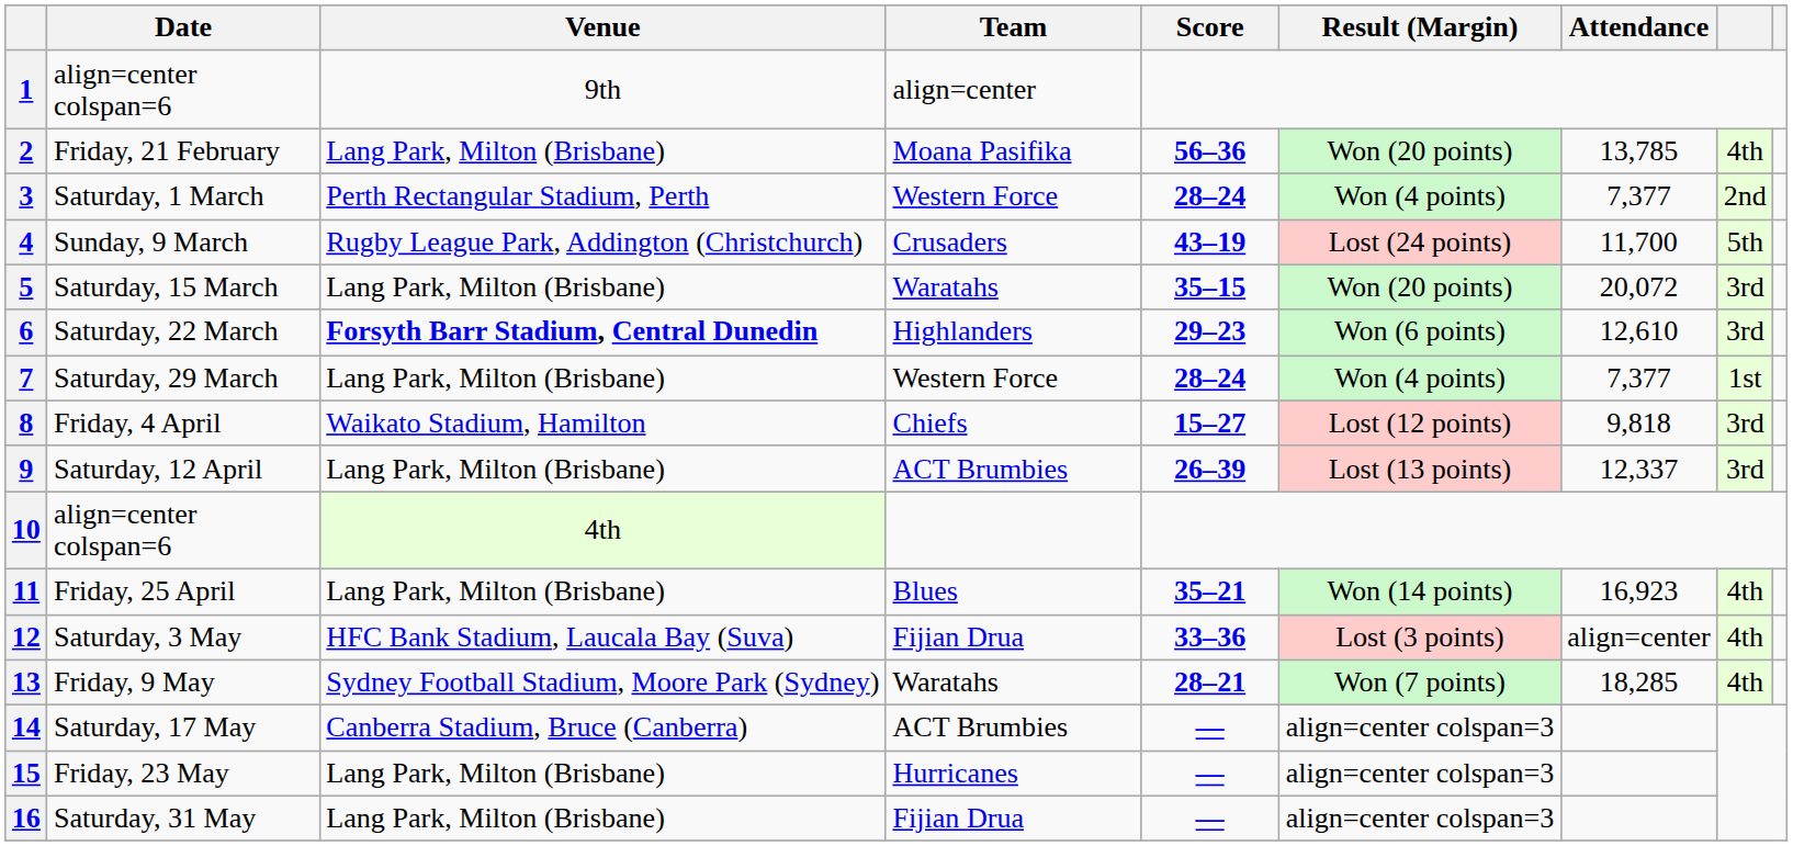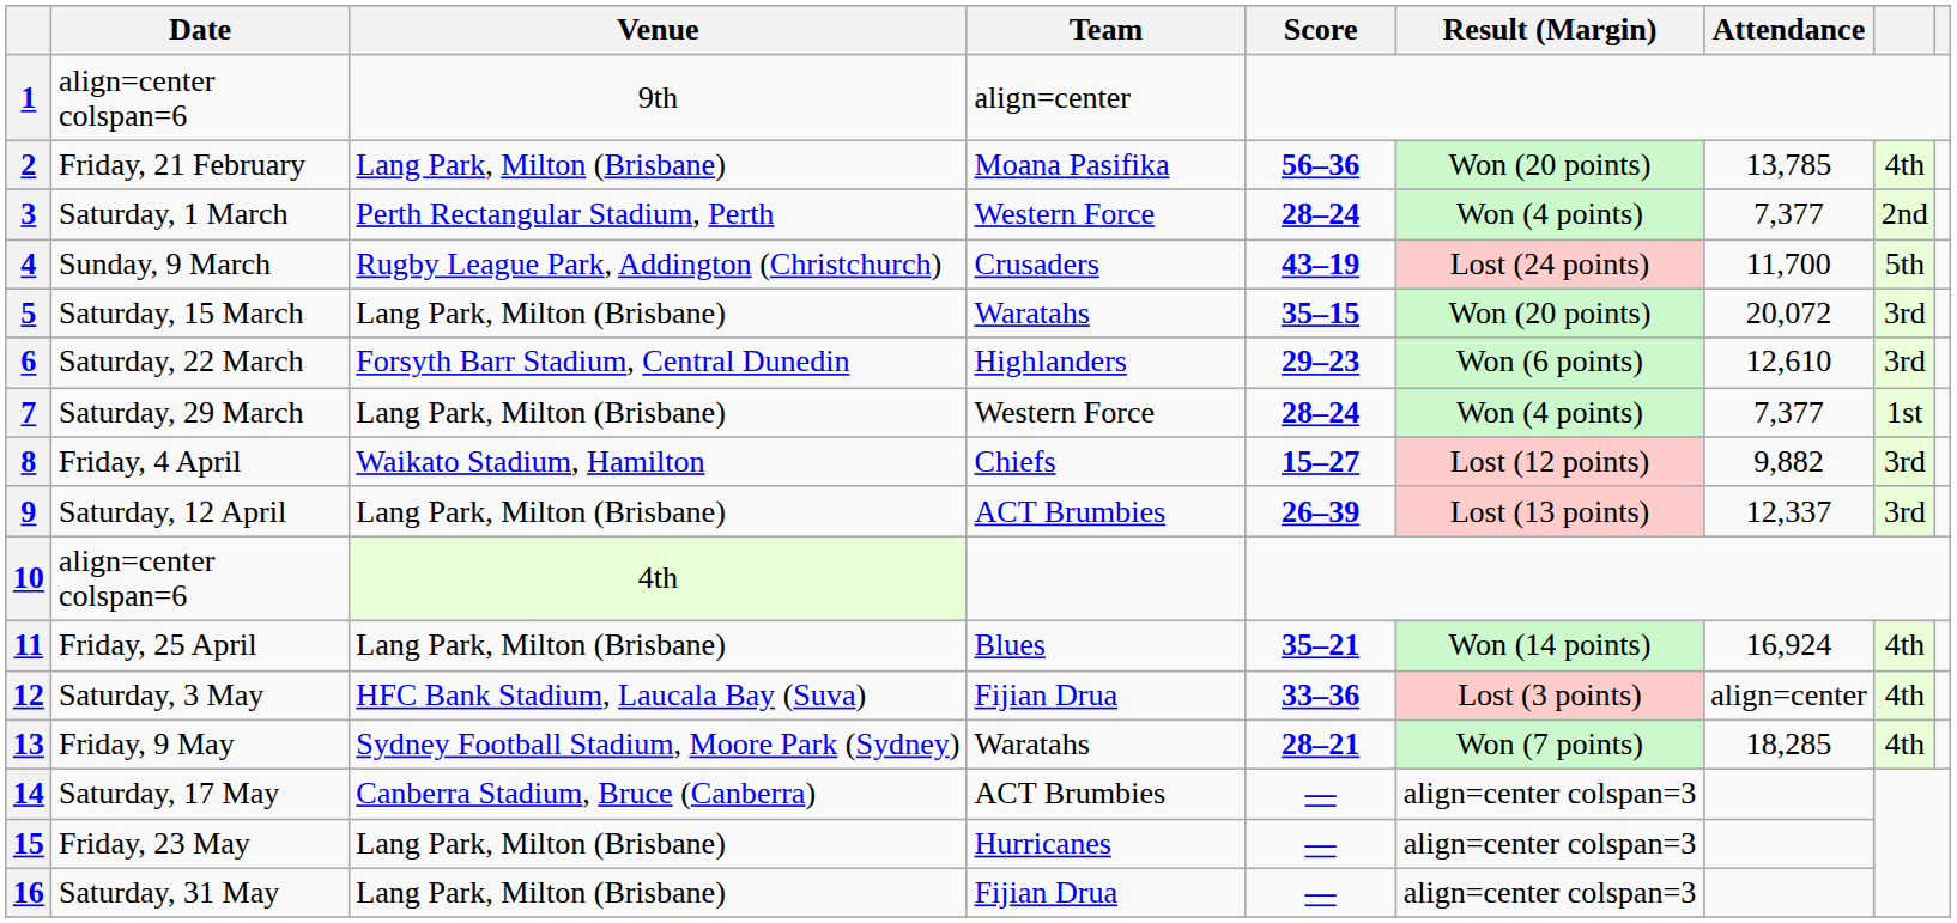 <table class="wikitable">
 <tr>
 <th></th>
 <th width=145>Date</th>
 <th>Venue</th>
 <th width=135>Team</th>
 <th width=70>Score</th>
 <th>Result (Margin)</th>
 <th>Attendance</th>
 <th></th>
 <th></th>
 </tr>
 <tr>
 <th align=center><a href='#'>1</a></th>
 <td>align=center colspan=6 </td>
 <td align=center>9th</td>
 <td>align=center </td>
 </tr>
 <tr>
 <th align=center><a href='#'>2</a></th>
 <td>Friday, 21 February</td>
 <td><a href='#'>Lang Park</a>, <a href='#'>Milton</a> (<a href='#'>Brisbane</a>)</td>
 <td> <a href='#'>Moana Pasifika</a></td>
 <td align=center><strong><a href='#'>56–36</a></strong></td>
 <td align=center bgcolor=#CCF9CC>Won (20 points)</td>
 <td align=center>13,785</td>
 <td align=center bgcolor=#E8FFD8>4th</td>
 <td align=center></td>
 </tr>
 <tr>
 <th align=center><a href='#'>3</a></th>
 <td>Saturday, 1 March</td>
 <td><a href='#'>Perth Rectangular Stadium</a>, <a href='#'>Perth</a></td>
 <td><a href='#'>Western Force</a></td>
 <td align=center><strong><a href='#'>28–24</a></strong></td>
 <td align=center bgcolor=#CCF9CC>Won (4 points)</td>
 <td align=center>7,377</td>
 <td align=center bgcolor=#E8FFD8>2nd</td>
 <td align=center></td>
 </tr>
 <tr>
 <th align=center><a href='#'>4</a></th>
 <td>Sunday, 9 March</td>
 <td><a href='#'>Rugby League Park</a>, <a href='#'>Addington</a> (<a href='#'>Christchurch</a>)</td>
 <td> <a href='#'>Crusaders</a></td>
 <td align=center><strong><a href='#'>43–19</a></strong></td>
 <td align=center bgcolor=#FFCCCC>Lost (24 points)</td>
 <td align=center>11,700</td>
 <td align=center bgcolor=#E8FFD8>5th</td>
 <td align=center></td>
 </tr>
 <tr>
 <th align=center><a href='#'>5</a></th>
 <td>Saturday, 15 March</td>
 <td>Lang Park, Milton (Brisbane)</td>
 <td><a href='#'>Waratahs</a></td>
 <td align=center><strong><a href='#'>35–15</a></strong></td>
 <td align=center bgcolor=#CCF9CC>Won (20 points)</td>
 <td align=center>20,072</td>
 <td align=center bgcolor=#E8FFD8>3rd</td>
 <td align=center></td>
 </tr>
 <tr>
 <th align=center><a href='#'>6</a></th>
 <td>Saturday, 22 March</td>
-<td><strong><a href='#'>Forsyth Barr Stadium</a>, <a href='#'>Central Dunedin</a></strong></td>
+<td><a href='#'>Forsyth Barr Stadium</a>, <a href='#'>Central Dunedin</a></td>
 <td> <a href='#'>Highlanders</a></td>
 <td align=center><strong><a href='#'>29–23</a></strong></td>
 <td align=center bgcolor=#CCF9CC>Won (6 points)</td>
 <td align=center>12,610</td>
 <td align=center bgcolor=#E8FFD8>3rd</td>
 <td align=center></td>
 </tr>
 <tr>
 <th align=center><a href='#'>7</a></th>
 <td>Saturday, 29 March</td>
 <td>Lang Park, Milton (Brisbane)</td>
 <td>Western Force</td>
 <td align=center><strong><a href='#'>28–24</a></strong></td>
 <td align=center bgcolor=#CCF9CC>Won (4 points)</td>
 <td align=center>7,377</td>
 <td align=center bgcolor=#E8FFD8>1st</td>
 <td align=center></td>
 </tr>
 <tr>
 <th align=center><a href='#'>8</a></th>
 <td>Friday, 4 April</td>
 <td><a href='#'>Waikato Stadium</a>, <a href='#'>Hamilton</a></td>
 <td> <a href='#'>Chiefs</a></td>
 <td align=center><strong><a href='#'>15–27</a></strong></td>
 <td align=center bgcolor=#FFCCCC>Lost (12 points)</td>
-<td align=center>9,818</td>
+<td align=center>9,882</td>
 <td align=center bgcolor=#E8FFD8>3rd</td>
 <td align=center></td>
 </tr>
 <tr>
 <th align=center><a href='#'>9</a></th>
 <td>Saturday, 12 April</td>
 <td>Lang Park, Milton (Brisbane)</td>
 <td><a href='#'>ACT Brumbies</a></td>
 <td align=center><strong><a href='#'>26–39</a></strong></td>
 <td align=center bgcolor=#FFCCCC>Lost (13 points)</td>
 <td align=center>12,337</td>
 <td align=center bgcolor=#E8FFD8>3rd</td>
 <td align=center></td>
 </tr>
 <tr>
 <th align=center><a href='#'>10</a></th>
 <td>align=center colspan=6 </td>
 <td align=center bgcolor=#E8FFD8>4th</td>
 <td align=center></td>
 </tr>
 <tr>
 <th align=center><a href='#'>11</a></th>
 <td>Friday, 25 April</td>
 <td>Lang Park, Milton (Brisbane)</td>
 <td> <a href='#'>Blues</a></td>
 <td align=center><strong><a href='#'>35–21</a></strong></td>
 <td align=center bgcolor=#CCF9CC>Won (14 points)</td>
-<td align=center>16,923</td>
+<td align=center>16,924</td>
 <td align=center bgcolor=#E8FFD8>4th</td>
 <td align=center></td>
 </tr>
 <tr>
 <th align=center><a href='#'>12</a></th>
 <td>Saturday, 3 May</td>
 <td><a href='#'>HFC Bank Stadium</a>, <a href='#'>Laucala Bay</a> (<a href='#'>Suva</a>)</td>
 <td> <a href='#'>Fijian Drua</a></td>
 <td align=center><strong><a href='#'>33–36</a></strong></td>
 <td align=center bgcolor=#FFCCCC>Lost (3 points)</td>
 <td>align=center </td>
 <td align=center bgcolor=#E8FFD8>4th</td>
 <td align=center></td>
 </tr>
 <tr>
 <th align=center><a href='#'>13</a></th>
 <td>Friday, 9 May</td>
 <td><a href='#'>Sydney Football Stadium</a>, <a href='#'>Moore Park</a> (<a href='#'>Sydney</a>)</td>
 <td>Waratahs</td>
 <td align=center><strong><a href='#'>28–21</a></strong></td>
 <td align=center bgcolor=#CCF9CC>Won (7 points)</td>
 <td align=center>18,285</td>
 <td align=center bgcolor=#E8FFD8>4th</td>
 <td align=center></td>
 </tr>
 <tr>
 <th align=center><a href='#'>14</a></th>
 <td>Saturday, 17 May</td>
 <td><a href='#'>Canberra Stadium</a>, <a href='#'>Bruce</a> (<a href='#'>Canberra</a>)</td>
 <td>ACT Brumbies</td>
 <td align=center><strong><a href='#'>—</a></strong></td>
 <td>align=center colspan=3 </td>
 <td align=center></td>
 </tr>
 <tr>
 <th align=center><a href='#'>15</a></th>
 <td>Friday, 23 May</td>
 <td>Lang Park, Milton (Brisbane)</td>
 <td> <a href='#'>Hurricanes</a></td>
 <td align=center><strong><a href='#'>—</a></strong></td>
 <td>align=center colspan=3 </td>
 <td align=center></td>
 </tr>
 <tr>
 <th align=center><a href='#'>16</a></th>
 <td>Saturday, 31 May</td>
 <td>Lang Park, Milton (Brisbane)</td>
 <td> <a href='#'>Fijian Drua</a></td>
 <td align=center><strong><a href='#'>—</a></strong></td>
 <td>align=center colspan=3 </td>
 <td align=center></td>
 </tr>
 </table>
